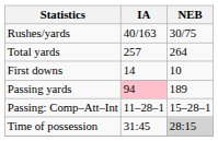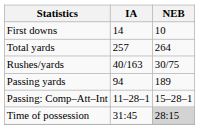 <table class="wikitable" style="float: left;">
 <tr>
 <th>Statistics</th>
 <th>IA</th>
 <th>NEB</th>
 </tr>
 <tr>
-<td>Rushes/yards</td>
-<td>40/163</td>
-<td>30/75</td>
+<td>First downs</td>
+<td>14</td>
+<td>10</td>
 </tr>
 <tr>
 <td>Total yards</td>
 <td>257</td>
 <td>264</td>
 </tr>
 <tr>
-<td>First downs</td>
-<td>14</td>
-<td>10</td>
+<td>Rushes/yards</td>
+<td>40/163</td>
+<td>30/75</td>
 </tr>
 <tr>
 <td>Passing yards</td>
-<td style="background: pink;">94</td>
+<td>94</td>
 <td>189</td>
 </tr>
 <tr>
 <td>Passing: Comp–Att–Int</td>
 <td>11–28–1</td>
 <td>15–28–1</td>
 </tr>
 <tr>
 <td>Time of possession</td>
 <td>31:45</td>
 <td style="background: lightgrey;">28:15</td>
 </tr>
 <tr>
 </tr>
 </table>
